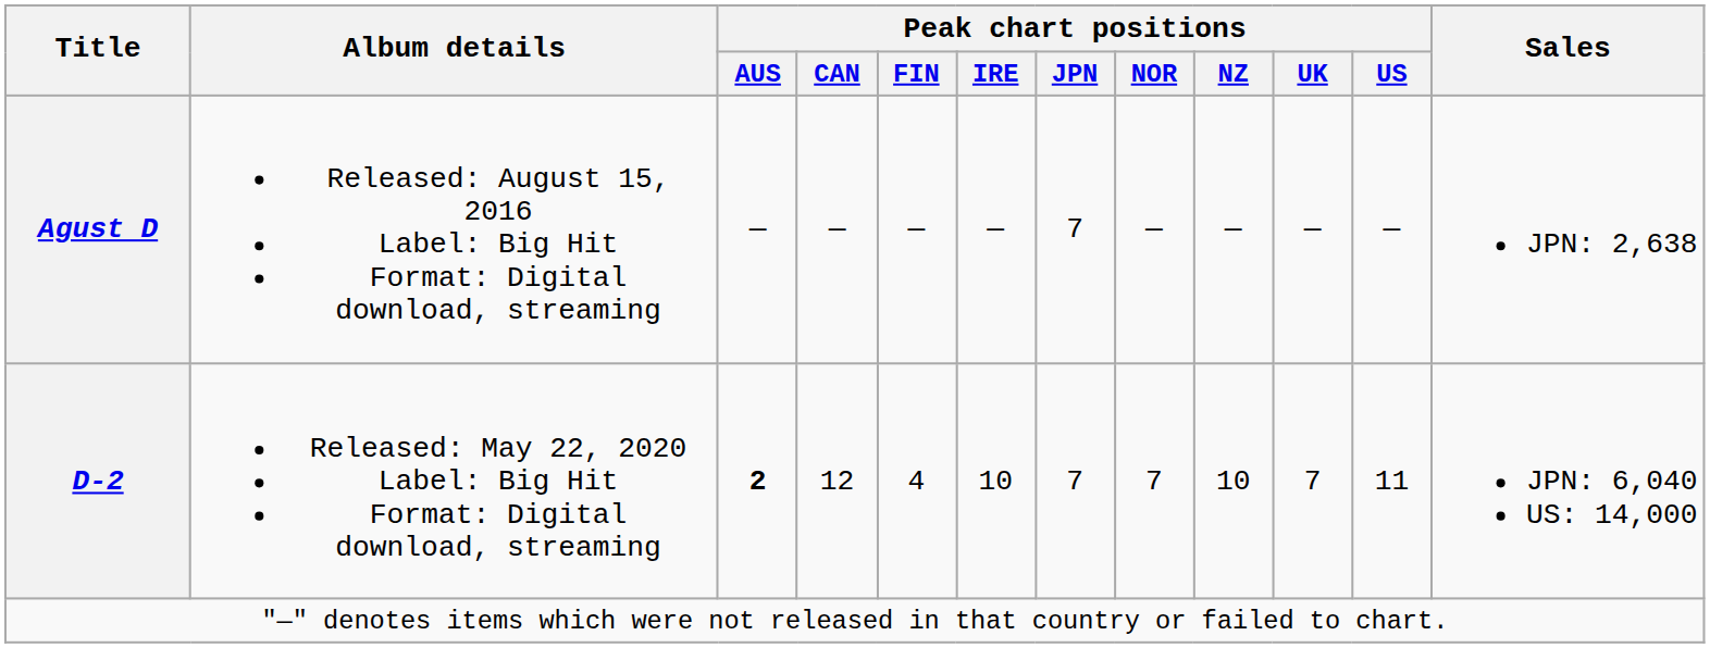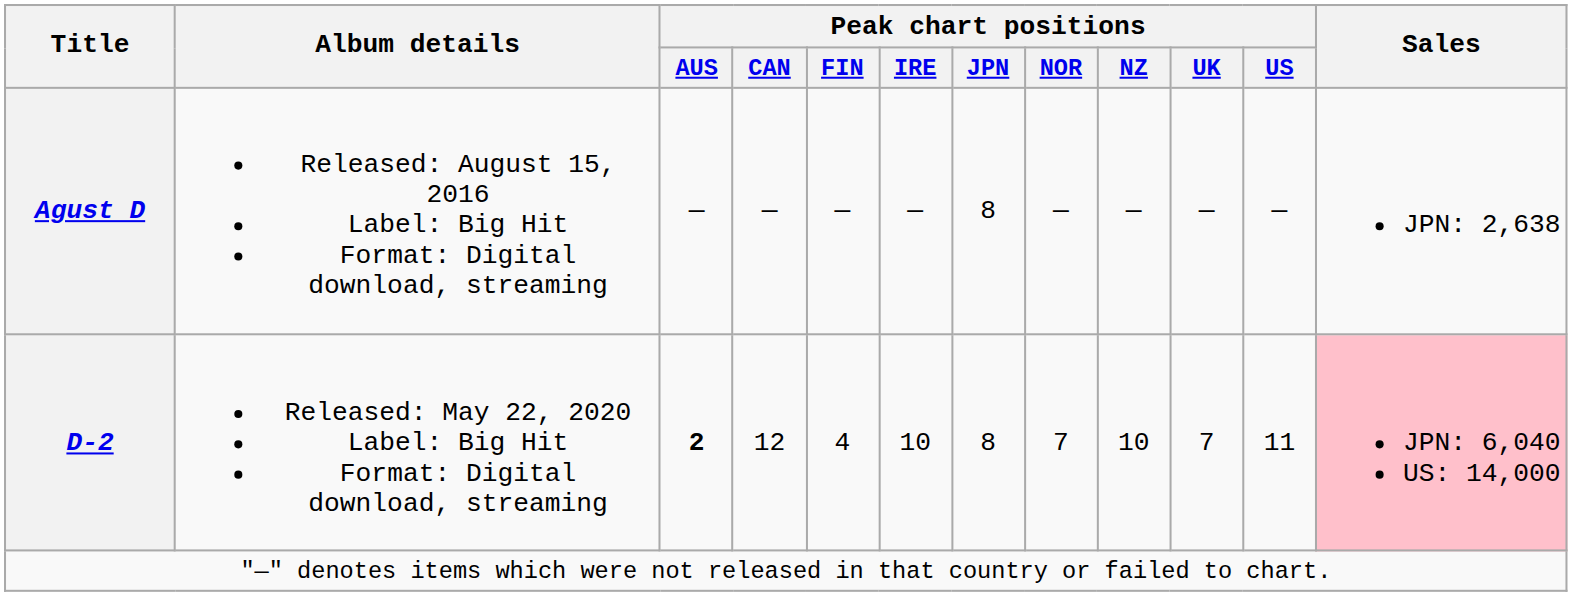 <table class="wikitable plainrowheaders" style="text-align:center;">
 <tr>
 <th rowspan="2" style="width:6em;">Title</th>
 <th rowspan="2" style="width:18em;">Album details</th>
 <th colspan="9">Peak chart positions</th>
 <th rowspan="2">Sales</th>
 </tr>
 <tr>
 <th scope="col" style="width:2.6em;font-size:90%;"><a href='#'>AUS</a><br></th>
 <th scope="col" style="width:2.6em;font-size:90%;"><a href='#'>CAN</a><br></th>
 <th scope="col" style="width:2.6em;font-size:90%;"><a href='#'>FIN</a><br></th>
 <th scope="col" style="width:2.6em;font-size:90%;"><a href='#'>IRE</a><br></th>
 <th scope="col" style="width:2.6em;font-size:90%;"><a href='#'>JPN</a><br></th>
 <th scope="col" style="width:2.6em;font-size:90%;"><a href='#'>NOR</a><br></th>
 <th scope="col" style="width:2.6em;font-size:90%;"><a href='#'>NZ</a><br></th>
 <th scope="col" style="width:2.6em;font-size:90%;"><a href='#'>UK</a><br></th>
 <th scope="col" style="width:2.6em;font-size:90%;"><a href='#'>US</a><br></th>
 </tr>
 <tr>
 <th scope="row"><em><a href='#'>Agust D</a></em></th>
 <td><br><ul><li>Released: August 15, 2016</li><li>Label: Big Hit</li><li>Format: Digital download, streaming</li></ul></td>
 <td>—</td>
 <td>—</td>
 <td>—</td>
 <td>—</td>
-<td>7</td>
+<td>8</td>
 <td>—</td>
 <td>—</td>
 <td>—</td>
 <td>—</td>
 <td><br><ul><li>JPN: 2,638</li></ul></td>
 </tr>
 <tr>
 <th scope="row"><em><a href='#'>D-2</a></em></th>
 <td><br><ul><li>Released: May 22, 2020</li><li>Label: Big Hit</li><li>Format: Digital download, streaming</li></ul></td>
 <td><strong>2</strong></td>
 <td>12</td>
 <td>4</td>
 <td>10</td>
-<td>7</td>
+<td>8</td>
 <td>7</td>
 <td>10</td>
 <td>7</td>
 <td>11</td>
-<td><br><ul><li>JPN: 6,040</li><li>US: 14,000</li></ul></td>
+<td style="background: pink;"><br><ul><li>JPN: 6,040</li><li>US: 14,000</li></ul></td>
 </tr>
 <tr>
 <td colspan="13" style="font-size:90%;">"—" denotes items which were not released in that country or failed to chart.</td>
 </tr>
 </table>
